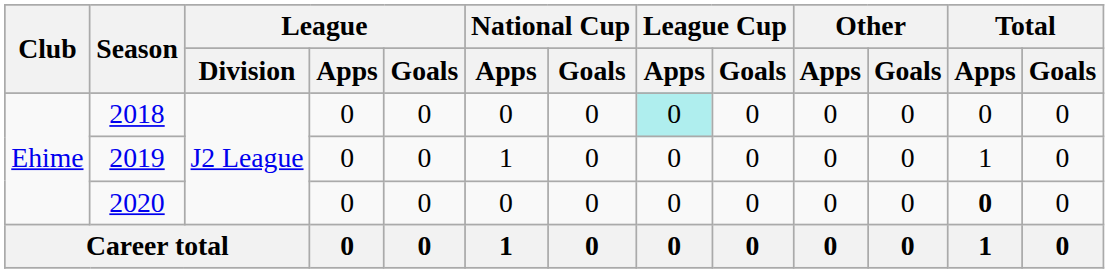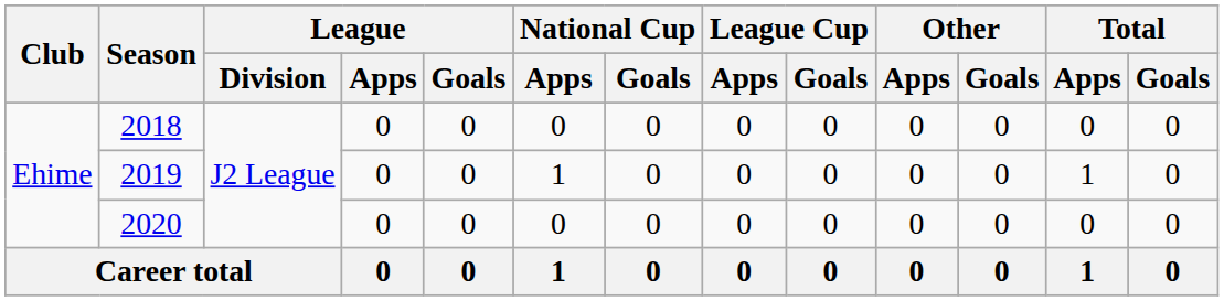 <table class="wikitable" style="text-align: center">
 <tr>
 <th rowspan="2">Club</th>
 <th rowspan="2">Season</th>
 <th colspan="3">League</th>
 <th colspan="2">National Cup</th>
 <th colspan="2">League Cup</th>
 <th colspan="2">Other</th>
 <th colspan="2">Total</th>
 </tr>
 <tr>
 <th>Division</th>
 <th>Apps</th>
 <th>Goals</th>
 <th>Apps</th>
 <th>Goals</th>
 <th>Apps</th>
 <th>Goals</th>
 <th>Apps</th>
 <th>Goals</th>
 <th>Apps</th>
 <th>Goals</th>
 </tr>
 <tr>
 <td rowspan="3"><a href='#'>Ehime</a></td>
 <td><a href='#'>2018</a></td>
 <td rowspan="3"><a href='#'>J2 League</a></td>
 <td>0</td>
 <td>0</td>
 <td>0</td>
 <td>0</td>
-<td style="background: paleturquoise;">0</td>
+<td>0</td>
 <td>0</td>
 <td>0</td>
 <td>0</td>
 <td>0</td>
 <td>0</td>
 </tr>
 <tr>
 <td><a href='#'>2019</a></td>
 <td>0</td>
 <td>0</td>
 <td>1</td>
 <td>0</td>
 <td>0</td>
 <td>0</td>
 <td>0</td>
 <td>0</td>
 <td>1</td>
 <td>0</td>
 </tr>
 <tr>
 <td><a href='#'>2020</a></td>
 <td>0</td>
 <td>0</td>
 <td>0</td>
 <td>0</td>
 <td>0</td>
 <td>0</td>
 <td>0</td>
 <td>0</td>
-<td><strong>0</strong></td>
+<td>0</td>
 <td>0</td>
 </tr>
 <tr>
 <th colspan=3>Career total</th>
 <th>0</th>
 <th>0</th>
 <th>1</th>
 <th>0</th>
 <th>0</th>
 <th>0</th>
 <th>0</th>
 <th>0</th>
 <th>1</th>
 <th>0</th>
 </tr>
 </table>
